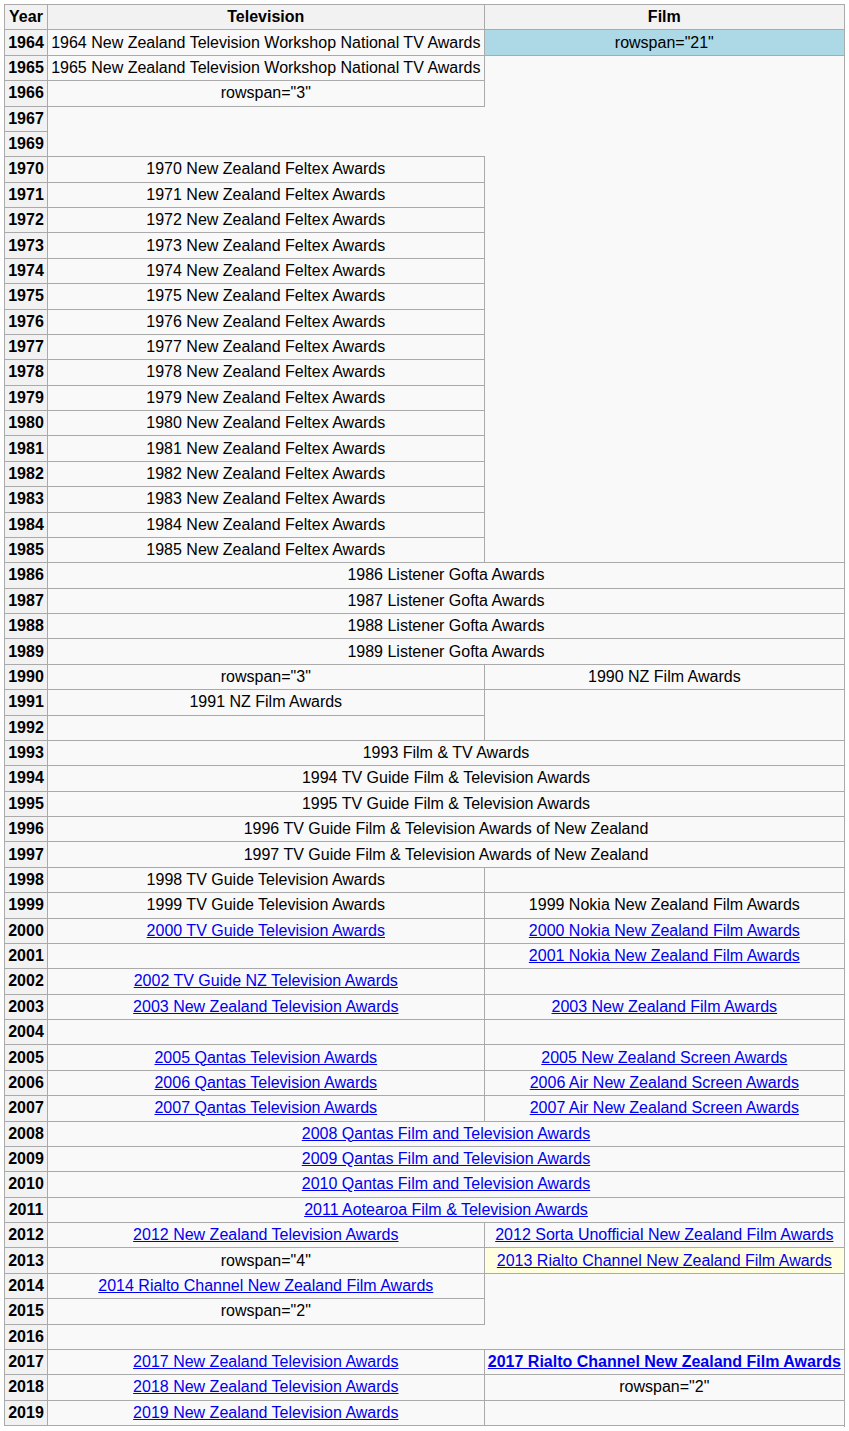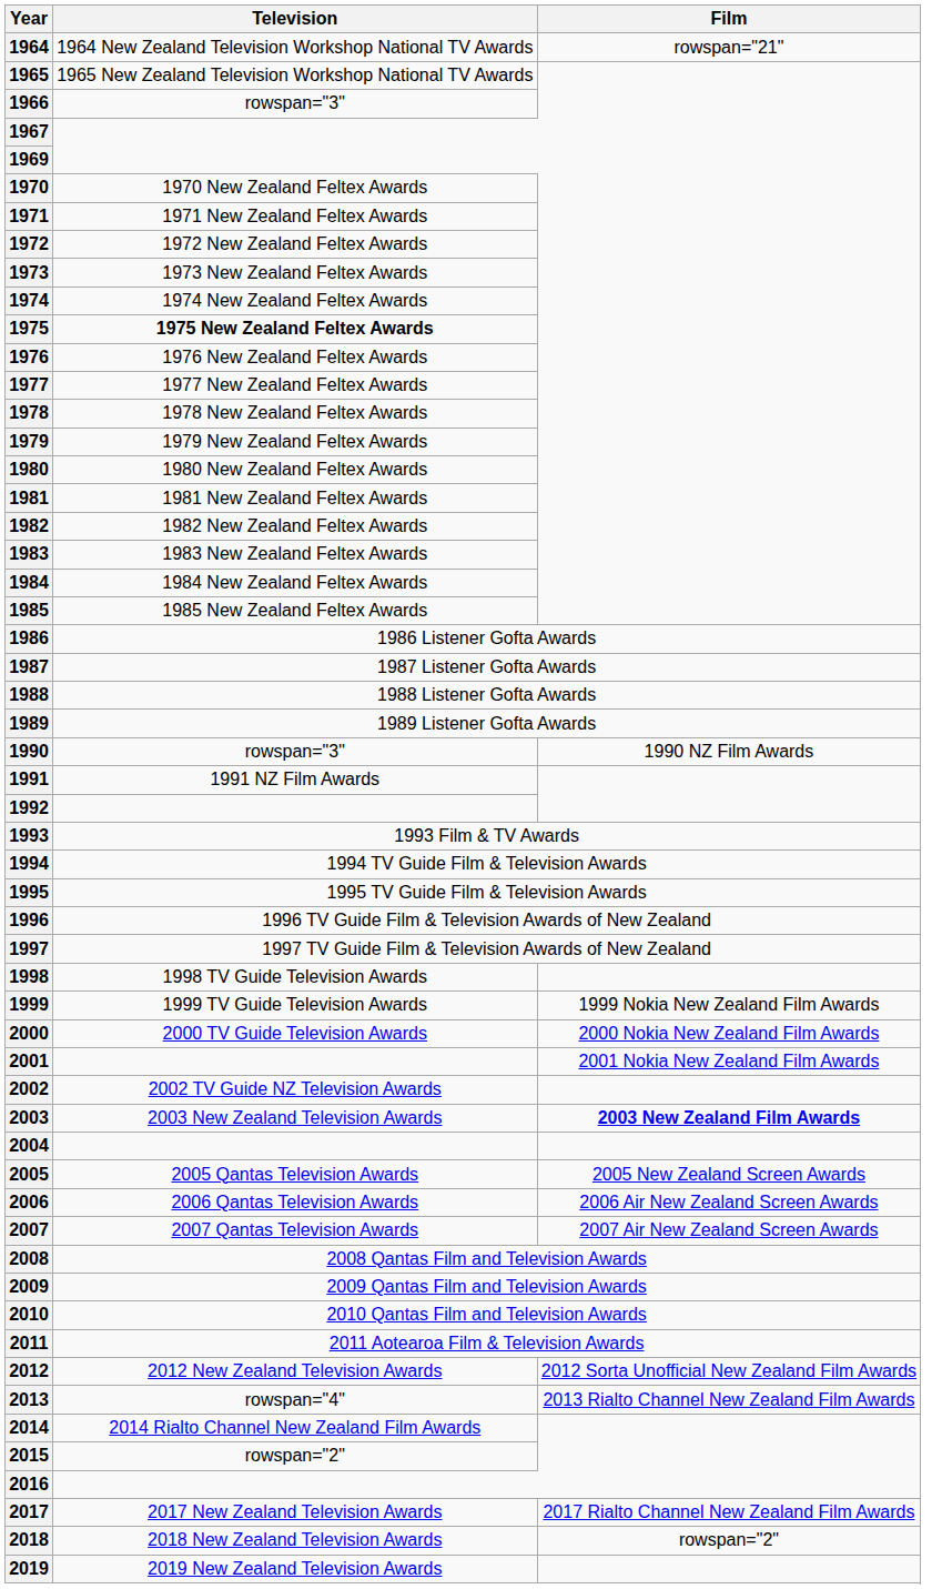 <table class="wikitable mw-collapsible">
 <tr>
 <th>Year</th>
 <th>Television</th>
 <th>Film</th>
 </tr>
 <tr align="center">
 <th>1964</th>
 <td>1964 New Zealand Television Workshop National TV Awards</td>
-<td style="background: lightblue;">rowspan="21" </td>
+<td>rowspan="21" </td>
 </tr>
 <tr align="center">
 <th>1965</th>
 <td>1965 New Zealand Television Workshop National TV Awards</td>
 </tr>
 <tr align="center">
 <th>1966</th>
 <td>rowspan="3" </td>
 </tr>
 <tr align="center">
 <th>1967</th>
 </tr>
 <tr align="center">
 <th>1969</th>
 </tr>
 <tr align="center">
 <th>1970</th>
 <td>1970 New Zealand Feltex Awards</td>
 </tr>
 <tr align="center">
 <th>1971</th>
 <td>1971 New Zealand Feltex Awards</td>
 </tr>
 <tr align="center">
 <th>1972</th>
 <td>1972 New Zealand Feltex Awards</td>
 </tr>
 <tr align="center">
 <th>1973</th>
 <td>1973 New Zealand Feltex Awards</td>
 </tr>
 <tr align="center">
 <th>1974</th>
 <td>1974 New Zealand Feltex Awards</td>
 </tr>
 <tr align="center">
 <th>1975</th>
-<td>1975 New Zealand Feltex Awards</td>
+<td><strong>1975 New Zealand Feltex Awards</strong></td>
 </tr>
 <tr align="center">
 <th>1976</th>
 <td>1976 New Zealand Feltex Awards</td>
 </tr>
 <tr align="center">
 <th>1977</th>
 <td>1977 New Zealand Feltex Awards</td>
 </tr>
 <tr align="center">
 <th>1978</th>
 <td>1978 New Zealand Feltex Awards</td>
 </tr>
 <tr align="center">
 <th>1979</th>
 <td>1979 New Zealand Feltex Awards</td>
 </tr>
 <tr align="center">
 <th>1980</th>
 <td>1980 New Zealand Feltex Awards</td>
 </tr>
 <tr align="center">
 <th>1981</th>
 <td>1981 New Zealand Feltex Awards</td>
 </tr>
 <tr align="center">
 <th>1982</th>
 <td>1982 New Zealand Feltex Awards</td>
 </tr>
 <tr align="center">
 <th>1983</th>
 <td>1983 New Zealand Feltex Awards</td>
 </tr>
 <tr align="center">
 <th>1984</th>
 <td>1984 New Zealand Feltex Awards</td>
 </tr>
 <tr align="center">
 <th>1985</th>
 <td>1985 New Zealand Feltex Awards</td>
 </tr>
 <tr align="center">
 <th>1986</th>
 <td colspan=2>1986 Listener Gofta Awards</td>
 </tr>
 <tr align="center">
 <th>1987</th>
 <td colspan=2>1987 Listener Gofta Awards</td>
 </tr>
 <tr align="center">
 <th>1988</th>
 <td colspan=2>1988 Listener Gofta Awards</td>
 </tr>
 <tr align="center">
 <th>1989</th>
 <td colspan=2>1989 Listener Gofta Awards</td>
 </tr>
 <tr align="center">
 <th>1990</th>
 <td>rowspan="3" </td>
 <td>1990 NZ Film Awards</td>
 </tr>
 <tr align="center">
 <th>1991</th>
 <td>1991 NZ Film Awards</td>
 </tr>
 <tr align="center">
 <th>1992</th>
 <td></td>
 </tr>
 <tr align="center">
 <th>1993</th>
 <td colspan=2>1993 Film & TV Awards</td>
 </tr>
 <tr align="center">
 <th>1994</th>
 <td colspan=2>1994 TV Guide Film & Television Awards</td>
 </tr>
 <tr align="center">
 <th>1995</th>
 <td colspan=2>1995 TV Guide Film & Television Awards</td>
 </tr>
 <tr align="center">
 <th>1996</th>
 <td colspan=2>1996 TV Guide Film & Television Awards of New Zealand</td>
 </tr>
 <tr align="center">
 <th>1997</th>
 <td colspan=2>1997 TV Guide Film & Television Awards of New Zealand</td>
 </tr>
 <tr align="center">
 <th>1998</th>
 <td>1998 TV Guide Television Awards</td>
 <td></td>
 </tr>
 <tr align="center">
 <th>1999</th>
 <td>1999 TV Guide Television Awards</td>
 <td>1999 Nokia New Zealand Film Awards</td>
 </tr>
 <tr align="center">
 <th>2000</th>
 <td><a href='#'>2000 TV Guide Television Awards</a></td>
 <td><a href='#'>2000 Nokia New Zealand Film Awards</a></td>
 </tr>
 <tr align="center">
 <th>2001</th>
 <td></td>
 <td><a href='#'>2001 Nokia New Zealand Film Awards</a></td>
 </tr>
 <tr align="center">
 <th>2002</th>
 <td><a href='#'>2002 TV Guide NZ Television Awards</a></td>
 <td></td>
 </tr>
 <tr align="center">
 <th>2003</th>
 <td><a href='#'>2003 New Zealand Television Awards</a></td>
-<td><a href='#'>2003 New Zealand Film Awards</a></td>
+<td><strong><a href='#'>2003 New Zealand Film Awards</a></strong></td>
 </tr>
 <tr align="center">
 <th>2004</th>
 <td></td>
 <td></td>
 </tr>
 <tr align="center">
 <th>2005</th>
 <td><a href='#'>2005 Qantas Television Awards</a></td>
 <td><a href='#'>2005 New Zealand Screen Awards</a></td>
 </tr>
 <tr align="center">
 <th>2006</th>
 <td><a href='#'>2006 Qantas Television Awards</a></td>
 <td><a href='#'>2006 Air New Zealand Screen Awards</a></td>
 </tr>
 <tr align="center">
 <th>2007</th>
 <td><a href='#'>2007 Qantas Television Awards</a></td>
 <td><a href='#'>2007 Air New Zealand Screen Awards</a></td>
 </tr>
 <tr align="center">
 <th>2008</th>
 <td colspan=2><a href='#'>2008 Qantas Film and Television Awards</a></td>
 </tr>
 <tr align="center">
 <th>2009</th>
 <td colspan=2><a href='#'>2009 Qantas Film and Television Awards</a></td>
 </tr>
 <tr align="center">
 <th>2010</th>
 <td colspan=2><a href='#'>2010 Qantas Film and Television Awards</a></td>
 </tr>
 <tr align="center">
 <th>2011</th>
 <td colspan=2><a href='#'>2011 Aotearoa Film & Television Awards</a></td>
 </tr>
 <tr align="center">
 <th>2012</th>
 <td><a href='#'>2012 New Zealand Television Awards</a></td>
 <td><a href='#'>2012 Sorta Unofficial New Zealand Film Awards</a></td>
 </tr>
 <tr align="center">
 <th>2013</th>
 <td>rowspan="4" </td>
-<td style="background: lightyellow;"><a href='#'>2013 Rialto Channel New Zealand Film Awards</a></td>
+<td><a href='#'>2013 Rialto Channel New Zealand Film Awards</a></td>
 </tr>
 <tr align="center">
 <th>2014</th>
 <td><a href='#'>2014 Rialto Channel New Zealand Film Awards</a></td>
 </tr>
 <tr align="center">
 <th>2015</th>
 <td>rowspan="2" </td>
 </tr>
 <tr align="center">
 <th>2016</th>
 </tr>
 <tr align="center">
 <th>2017</th>
 <td><a href='#'>2017 New Zealand Television Awards</a></td>
-<td><strong><a href='#'>2017 Rialto Channel New Zealand Film Awards</a></strong></td>
+<td><a href='#'>2017 Rialto Channel New Zealand Film Awards</a></td>
 </tr>
 <tr align="center">
 <th>2018</th>
 <td><a href='#'>2018 New Zealand Television Awards</a></td>
 <td>rowspan="2" </td>
 </tr>
 <tr align="center">
 <th>2019</th>
 <td><a href='#'>2019 New Zealand Television Awards</a></td>
 </tr>
 <tr align="center">
 </tr>
 </table>
